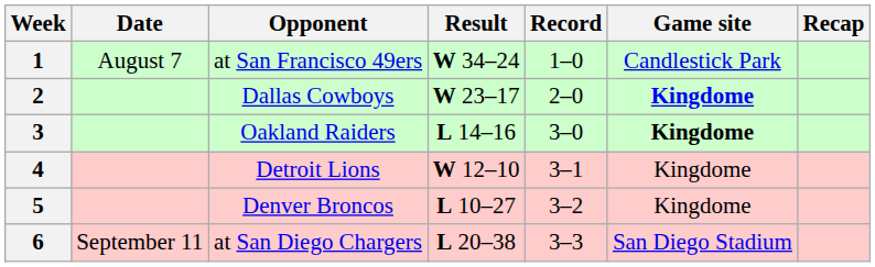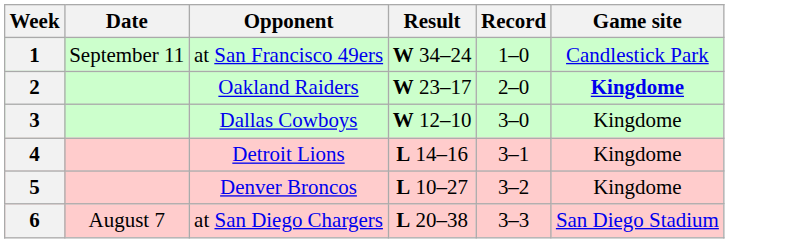 <table class="wikitable" style="text-align:center">
 <tr>
 <th>Week</th>
 <th>Date</th>
 <th>Opponent</th>
 <th>Result</th>
 <th>Record</th>
 <th>Game site</th>
-<th>Recap</th>
 </tr>
 <tr style="background:#cfc">
 <th>1</th>
-<td>August 7</td>
+<td>September 11</td>
 <td>at <a href='#'>San Francisco 49ers</a></td>
 <td><strong>W</strong> 34–24</td>
 <td>1–0</td>
 <td><a href='#'>Candlestick Park</a></td>
-<td></td>
 </tr>
 <tr style="background:#cfc">
 <th>2</th>
 <td></td>
-<td><a href='#'>Dallas Cowboys</a></td>
+<td><a href='#'>Oakland Raiders</a></td>
 <td><strong>W</strong> 23–17 </td>
 <td>2–0</td>
 <td><strong><a href='#'>Kingdome</a></strong></td>
-<td></td>
 </tr>
 <tr style="background:#cfc">
 <th>3</th>
 <td></td>
-<td><a href='#'>Oakland Raiders</a></td>
-<td><strong>L</strong> 14–16</td>
+<td><a href='#'>Dallas Cowboys</a></td>
+<td><strong>W</strong> 12–10</td>
 <td>3–0</td>
-<td><strong>Kingdome</strong></td>
-<td></td>
+<td>Kingdome</td>
 </tr>
 <tr style="background:#fcc">
 <th>4</th>
 <td></td>
 <td><a href='#'>Detroit Lions</a></td>
-<td><strong>W</strong> 12–10</td>
+<td><strong>L</strong> 14–16</td>
 <td>3–1</td>
 <td>Kingdome</td>
-<td></td>
 </tr>
 <tr style="background:#fcc">
 <th>5</th>
 <td></td>
 <td><a href='#'>Denver Broncos</a></td>
 <td><strong>L</strong> 10–27</td>
 <td>3–2</td>
 <td>Kingdome</td>
-<td></td>
 </tr>
 <tr style="background:#fcc">
 <th>6</th>
-<td>September 11</td>
+<td>August 7</td>
 <td>at <a href='#'>San Diego Chargers</a></td>
 <td><strong>L</strong> 20–38</td>
 <td>3–3</td>
 <td><a href='#'>San Diego Stadium</a></td>
-<td></td>
 </tr>
 </table>
